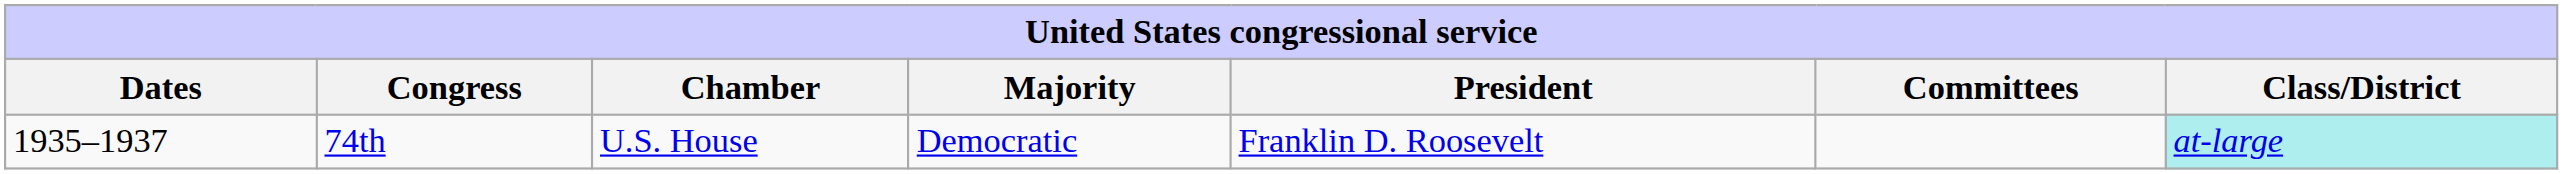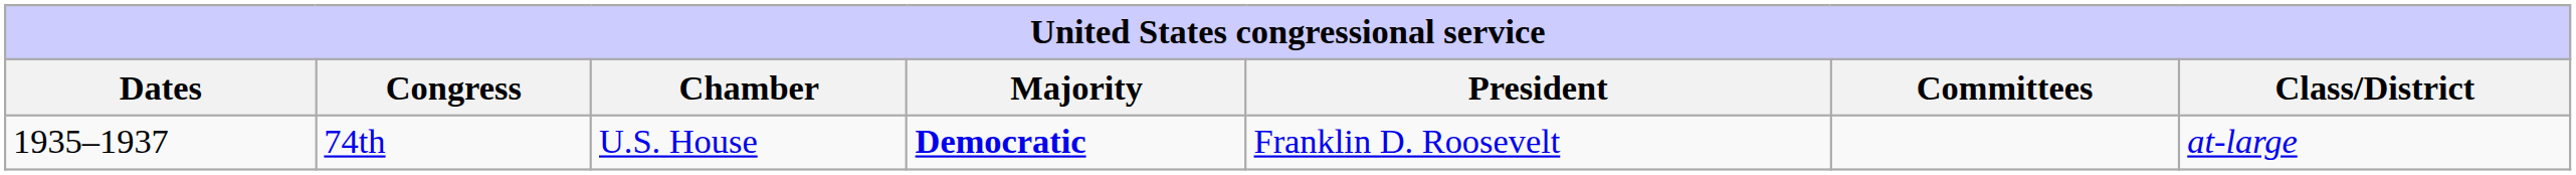 <table class=wikitable style="width: 94%" style="text-align: center;" align="center">
 <tr bgcolor=#cccccc>
 <th colspan=7 style="background: #ccccff;">United States congressional service</th>
 </tr>
 <tr>
 <th><strong>Dates</strong></th>
 <th><strong>Congress</strong></th>
 <th><strong>Chamber</strong></th>
 <th><strong>Majority</strong></th>
 <th><strong>President</strong></th>
 <th><strong>Committees</strong></th>
 <th><strong>Class/District</strong></th>
 </tr>
 <tr>
 <td>1935–1937</td>
 <td><a href='#'>74th</a></td>
 <td><a href='#'>U.S. House</a></td>
-<td><a href='#'>Democratic</a></td>
+<td><strong><a href='#'>Democratic</a></strong></td>
 <td><a href='#'>Franklin D. Roosevelt</a></td>
 <td></td>
-<td style="background: paleturquoise;"><a href='#'><em>at-large</em></a></td>
+<td><a href='#'><em>at-large</em></a></td>
 </tr>
 </table>
